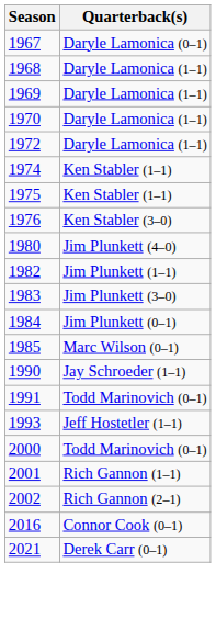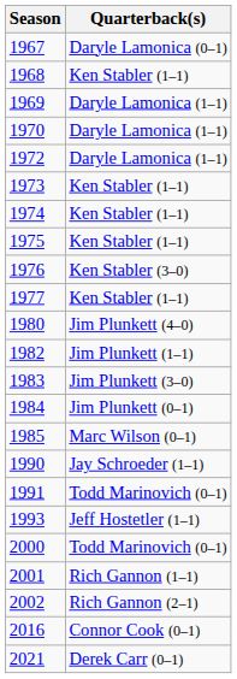 <table class="wikitable">
 <tr>
 <th>Season</th>
 <th>Quarterback(s)</th>
 </tr>
 <tr>
 <td><a href='#'>1967</a></td>
 <td><a href='#'>Daryle Lamonica</a> <small>(0–1)</small></td>
 </tr>
 <tr>
 <td><a href='#'>1968</a></td>
-<td><a href='#'>Daryle Lamonica</a> <small>(1–1)</small></td>
+<td><a href='#'>Ken Stabler</a> <small>(1–1)</small></td>
 </tr>
 <tr>
 <td><a href='#'>1969</a></td>
 <td><a href='#'>Daryle Lamonica</a> <small>(1–1)</small></td>
 </tr>
 <tr>
 <td><a href='#'>1970</a></td>
 <td><a href='#'>Daryle Lamonica</a> <small>(1–1)</small></td>
 </tr>
 <tr>
 <td><a href='#'>1972</a></td>
 <td><a href='#'>Daryle Lamonica</a> <small>(1–1)</small></td>
 </tr>
 <tr>
+<td><a href='#'>1973</a></td>
+<td><a href='#'>Ken Stabler</a> <small>(1–1)</small></td>
+</tr>
+<tr>
 <td><a href='#'>1974</a></td>
 <td><a href='#'>Ken Stabler</a> <small>(1–1)</small></td>
 </tr>
 <tr>
 <td><a href='#'>1975</a></td>
 <td><a href='#'>Ken Stabler</a> <small>(1–1)</small></td>
 </tr>
 <tr>
 <td><a href='#'>1976</a></td>
 <td><a href='#'>Ken Stabler</a> <small>(3–0)</small></td>
+</tr>
+<tr>
+<td><a href='#'>1977</a></td>
+<td><a href='#'>Ken Stabler</a> <small>(1–1)</small></td>
 </tr>
 <tr>
 <td><a href='#'>1980</a></td>
 <td><a href='#'>Jim Plunkett</a> <small>(4–0)</small></td>
 </tr>
 <tr>
 <td><a href='#'>1982</a></td>
 <td><a href='#'>Jim Plunkett</a> <small>(1–1)</small></td>
 </tr>
 <tr>
 <td><a href='#'>1983</a></td>
 <td><a href='#'>Jim Plunkett</a> <small>(3–0)</small></td>
 </tr>
 <tr>
 <td><a href='#'>1984</a></td>
 <td><a href='#'>Jim Plunkett</a> <small>(0–1)</small></td>
 </tr>
 <tr>
 <td><a href='#'>1985</a></td>
 <td><a href='#'>Marc Wilson</a> <small>(0–1)</small></td>
 </tr>
 <tr>
 <td><a href='#'>1990</a></td>
 <td><a href='#'>Jay Schroeder</a> <small>(1–1)</small></td>
 </tr>
 <tr>
 <td><a href='#'>1991</a></td>
 <td><a href='#'>Todd Marinovich</a> <small>(0–1)</small></td>
 </tr>
 <tr>
 <td><a href='#'>1993</a></td>
 <td><a href='#'>Jeff Hostetler</a> <small>(1–1)</small></td>
 </tr>
 <tr>
 <td><a href='#'>2000</a></td>
 <td><a href='#'>Todd Marinovich</a> <small>(0–1)</small></td>
 </tr>
 <tr>
 <td><a href='#'>2001</a></td>
 <td><a href='#'>Rich Gannon</a> <small>(1–1)</small></td>
 </tr>
 <tr>
 <td><a href='#'>2002</a></td>
 <td><a href='#'>Rich Gannon</a> <small>(2–1)</small></td>
 </tr>
 <tr>
 <td><a href='#'>2016</a></td>
 <td><a href='#'>Connor Cook</a> <small>(0–1)</small></td>
 </tr>
 <tr>
 <td><a href='#'>2021</a></td>
 <td><a href='#'>Derek Carr</a> <small>(0–1)</small></td>
 </tr>
 </table>
